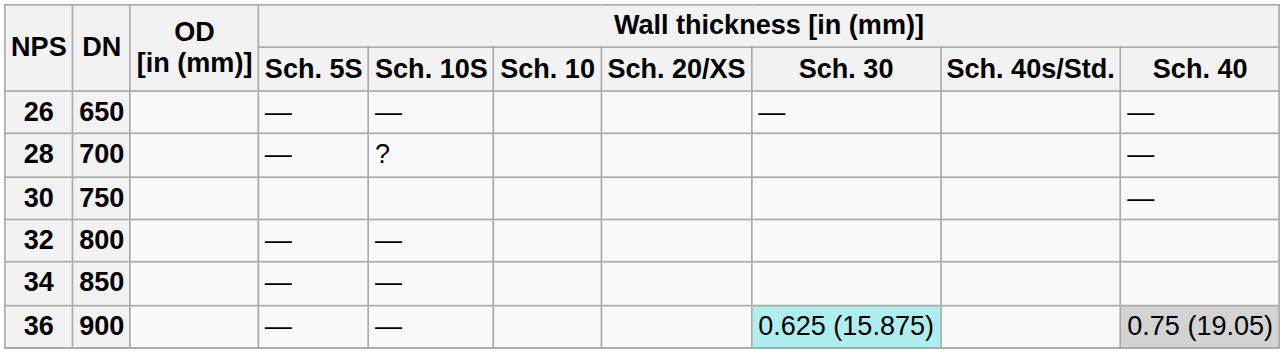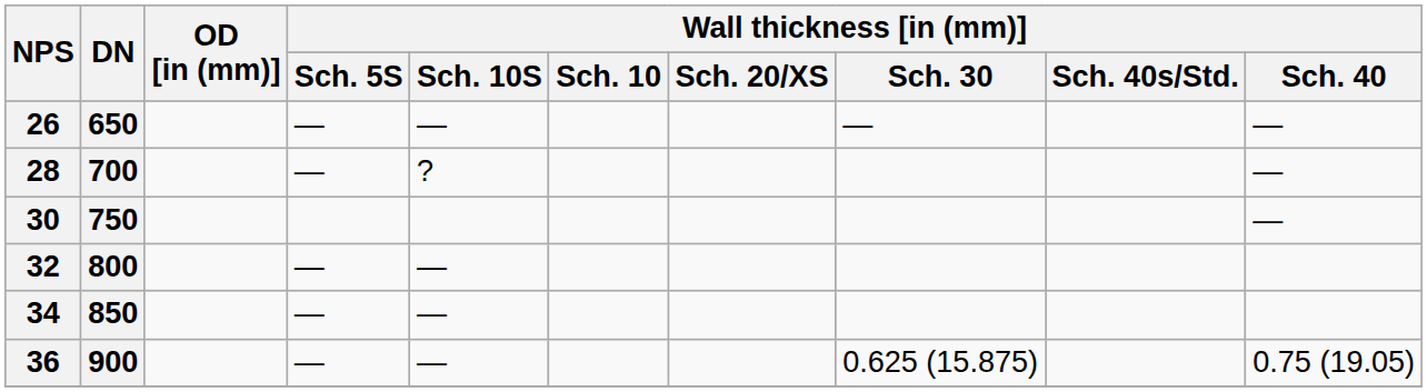 <table class="wikitable">
 <tr>
 <th rowspan="2">NPS</th>
 <th rowspan="2">DN</th>
 <th rowspan="2">OD<br>[in (mm)]</th>
 <th colspan="8">Wall thickness [in (mm)]</th>
 </tr>
 <tr>
 <th>Sch. 5S</th>
 <th>Sch. 10S</th>
 <th>Sch. 10</th>
 <th>Sch. 20/XS</th>
 <th>Sch. 30</th>
 <th>Sch. 40s/Std.</th>
 <th>Sch. 40</th>
 </tr>
 <tr>
 <th>26</th>
 <th>650</th>
 <td></td>
 <td>—</td>
 <td>—</td>
 <td></td>
 <td></td>
 <td>—</td>
 <td></td>
 <td>—</td>
 </tr>
 <tr>
 <th>28</th>
 <th>700</th>
 <td></td>
 <td>—</td>
 <td>?</td>
 <td></td>
 <td></td>
 <td></td>
 <td></td>
 <td>—</td>
 </tr>
 <tr>
 <th>30</th>
 <th>750</th>
 <td></td>
 <td></td>
 <td></td>
 <td></td>
 <td></td>
 <td></td>
 <td></td>
 <td>—</td>
 </tr>
 <tr>
 <th>32</th>
 <th>800</th>
 <td></td>
 <td>—</td>
 <td>—</td>
 <td></td>
 <td></td>
 <td></td>
 <td></td>
 <td></td>
 </tr>
 <tr>
 <th>34</th>
 <th>850</th>
 <td></td>
 <td>—</td>
 <td>—</td>
 <td></td>
 <td></td>
 <td></td>
 <td></td>
 <td></td>
 </tr>
 <tr>
 <th>36</th>
 <th>900</th>
 <td></td>
 <td>—</td>
 <td>—</td>
 <td></td>
 <td></td>
-<td style="background: paleturquoise;">0.625 (15.875)</td>
+<td>0.625 (15.875)</td>
 <td></td>
-<td style="background: lightgrey;">0.75 (19.05)</td>
+<td>0.75 (19.05)</td>
 </tr>
 <tr>
 </tr>
 </table>
